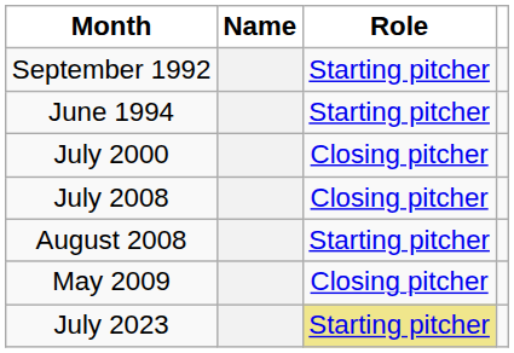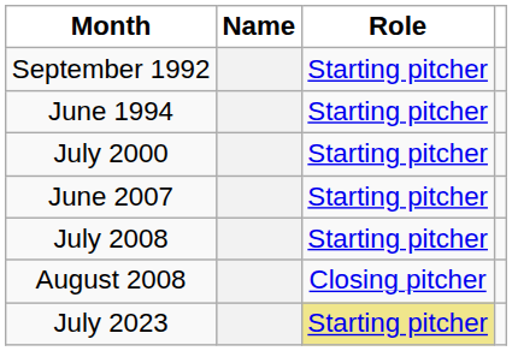 <table class="wikitable sortable plainrowheaders" style="text-align:center">
 <tr>
 <th scope="col" style="background-color:#ffffff; border-top:#">Month</th>
 <th scope="col" style="background-color:#ffffff; border-top:#">Name</th>
 <th scope="col" style="background-color:#ffffff; border-top:#">Role</th>
 <th scope="col" class="unsortable" style="background-color:#ffffff; border-top:#"></th>
 </tr>
 <tr>
 <td>September 1992</td>
 <th scope="row" style="text-align:center"> </th>
 <td><a href='#'>Starting pitcher</a></td>
 <td></td>
 </tr>
 <tr>
 <td>June 1994</td>
 <th scope="row" style="text-align:center"> </th>
 <td><a href='#'>Starting pitcher</a></td>
 <td></td>
 </tr>
 <tr>
 <td>July 2000</td>
 <th scope="row" style="text-align:center"></th>
-<td><a href='#'>Closing pitcher</a></td>
+<td><a href='#'>Starting pitcher</a></td>
+<td></td>
+</tr>
+<tr>
+<td>June 2007</td>
+<th scope="row" style="text-align:center"></th>
+<td><a href='#'>Starting pitcher</a></td>
 <td></td>
 </tr>
 <tr>
 <td>July 2008</td>
 <th scope="row" style="text-align:center"> </th>
-<td><a href='#'>Closing pitcher</a></td>
+<td><a href='#'>Starting pitcher</a></td>
 <td></td>
 </tr>
 <tr>
 <td>August 2008</td>
 <th scope="row" style="text-align:center"> </th>
-<td><a href='#'>Starting pitcher</a></td>
-<td></td>
-</tr>
-<tr>
-<td>May 2009</td>
-<th scope="row" style="text-align:center"></th>
 <td><a href='#'>Closing pitcher</a></td>
 <td></td>
 </tr>
 <tr>
 <td>July 2023</td>
 <th scope="row" style="text-align:center"></th>
 <td style="background: khaki;"><a href='#'>Starting pitcher</a></td>
 <td></td>
 </tr>
 </table>
